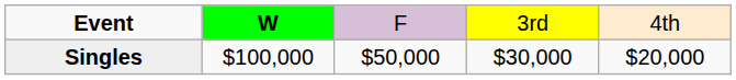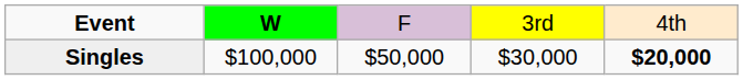 <table class=wikitable style=font-size:95%;text-align:center>
 <tr>
 <td style="width:130px"><strong>Event</strong></td>
 <td style="width:85px; background:lime"><strong>W</strong></td>
 <td style="width:85px; background:thistle">F</td>
 <td style="width:85px; background:#ffff00">3rd</td>
 <td style="width:85px; background:#ffebcd">4th</td>
 </tr>
 <tr>
 <th style=background:#efefef>Singles </th>
 <td>$100,000</td>
 <td>$50,000</td>
 <td>$30,000</td>
-<td>$20,000</td>
+<td><strong>$20,000</strong></td>
 </tr>
 </table>
